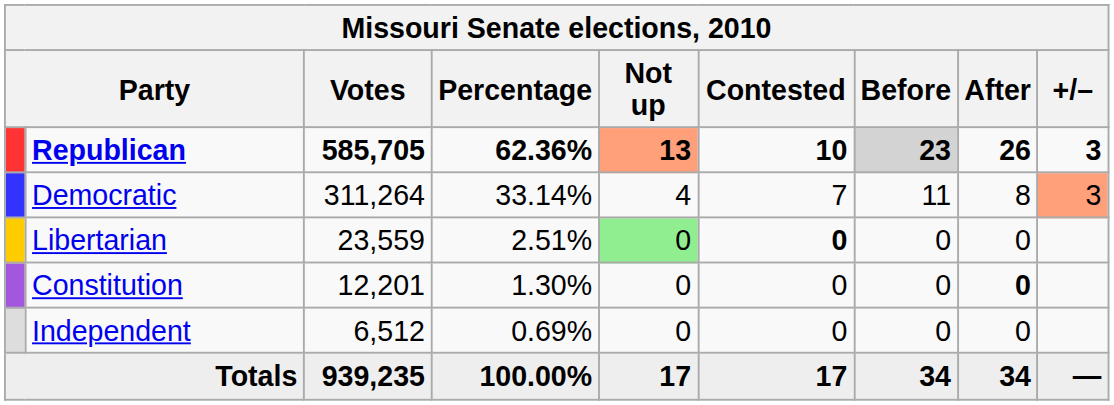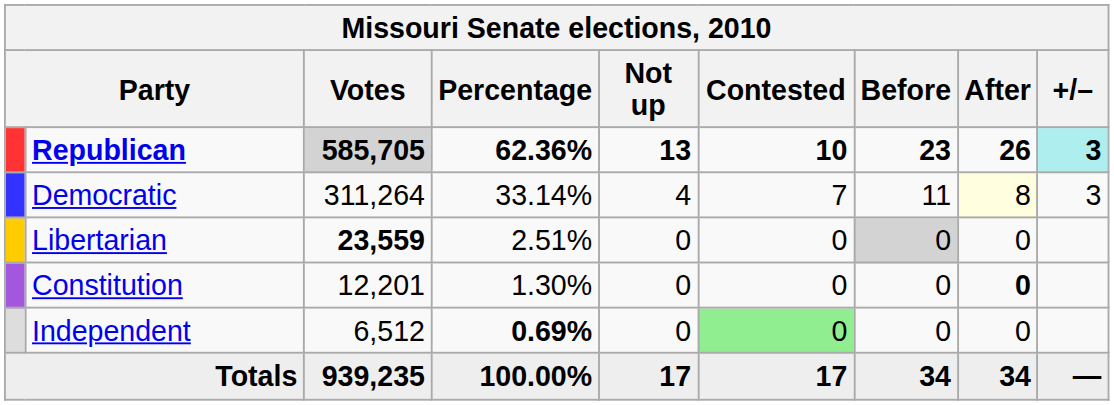 <table class="wikitable" style="font-size:95%;">
 <tr>
 <th colspan="9">Missouri Senate elections, 2010</th>
 </tr>
 <tr>
 <th colspan=2 style="width: 10em">Party</th>
 <th style="width: 4em">Votes</th>
 <th style="width: 5em">Percentage</th>
 <th style="width: 3em">Not up</th>
 <th style="width: 5em">Contested</th>
 <th style="width: 3em">Before</th>
 <th style="width: 1em">After</th>
 <th style="width: 2em">+/–</th>
 </tr>
 <tr>
 <th style="background-color:#FF3333; width: 3px"></th>
 <td style="width: 130px"><strong><a href='#'>Republican</a></strong></td>
-<td align="right"><strong>585,705</strong></td>
+<td align="right" style="background: lightgrey;"><strong>585,705</strong></td>
 <td align="right"><strong>62.36%</strong></td>
-<td align="right" style="background: lightsalmon;"><strong>13</strong></td>
+<td align="right"><strong>13</strong></td>
 <td align="right"><strong>10</strong></td>
-<td align="right" style="background: lightgrey;"><strong>23</strong></td>
+<td align="right"><strong>23</strong></td>
 <td align="right"><strong>26</strong></td>
-<td align="right"><strong>3</strong></td>
+<td align="right" style="background: paleturquoise;"><strong>3</strong></td>
 </tr>
 <tr>
 <th style="background-color:#3333FF; width: 3px"></th>
 <td style="width: 130px"><a href='#'>Democratic</a></td>
 <td align="right">311,264</td>
 <td align="right">33.14%</td>
 <td align="right">4</td>
 <td align="right">7</td>
 <td align="right">11</td>
-<td align="right">8</td>
-<td align="right" style="background: lightsalmon;">3</td>
+<td align="right" style="background: lightyellow;">8</td>
+<td align="right">3</td>
 </tr>
 <tr>
 <th style="background-color:#FFCC00; width: 3px"></th>
 <td style="width: 130px"><a href='#'>Libertarian</a></td>
-<td align="right">23,559</td>
+<td align="right"><strong>23,559</strong></td>
 <td align="right">2.51%</td>
-<td align="right" style="background: lightgreen;">0</td>
-<td align="right"><strong>0</strong></td>
 <td align="right">0</td>
+<td align="right">0</td>
+<td align="right" style="background: lightgrey;">0</td>
 <td align="right">0</td>
 <td align="right"></td>
 </tr>
 <tr>
 <th style="background-color:#A356DE; width: 3px"></th>
 <td style="width: 130px"><a href='#'>Constitution</a></td>
 <td align="right">12,201</td>
 <td align="right">1.30%</td>
 <td align="right">0</td>
 <td align="right">0</td>
 <td align="right">0</td>
 <td align="right"><strong>0</strong></td>
 <td align="right"></td>
 </tr>
 <tr>
 <th style="background-color:#DDDDDD; width: 3px"></th>
 <td style="width: 130px"><a href='#'>Independent</a></td>
 <td align="right">6,512</td>
-<td align="right">0.69%</td>
+<td align="right"><strong>0.69%</strong></td>
 <td align="right">0</td>
-<td align="right">0</td>
+<td align="right" style="background: lightgreen;">0</td>
 <td align="right">0</td>
 <td align="right">0</td>
 <td align="right"></td>
 </tr>
 <tr bgcolor="#EEEEEE">
 <td colspan="2" align="right"><strong>Totals</strong></td>
 <td align="right"><strong>939,235</strong></td>
 <td align="right"><strong>100.00%</strong></td>
 <td align="right"><strong>17</strong></td>
 <td align="right"><strong>17</strong></td>
 <td align="right"><strong>34</strong></td>
 <td align="right"><strong>34</strong></td>
 <td align="right"><strong>—</strong></td>
 </tr>
 </table>
